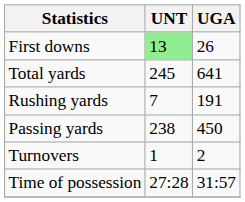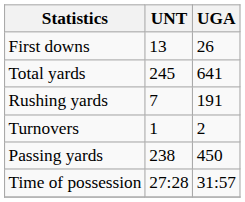 <table class="wikitable" style="float: left;">
 <tr>
 <th>Statistics</th>
 <th>UNT</th>
 <th>UGA</th>
 </tr>
 <tr>
 <td>First downs</td>
-<td style="background: lightgreen;">13</td>
+<td>13</td>
 <td>26</td>
 </tr>
 <tr>
 <td>Total yards</td>
 <td>245</td>
 <td>641</td>
 </tr>
 <tr>
 <td>Rushing yards</td>
 <td>7</td>
 <td>191</td>
 </tr>
 <tr>
+<td>Turnovers</td>
+<td>1</td>
+<td>2</td>
+</tr>
+<tr>
 <td>Passing yards</td>
 <td>238</td>
 <td>450</td>
-</tr>
-<tr>
-<td>Turnovers</td>
-<td>1</td>
-<td>2</td>
 </tr>
 <tr>
 <td>Time of possession</td>
 <td>27:28</td>
 <td>31:57</td>
 </tr>
 <tr>
 </tr>
 </table>
